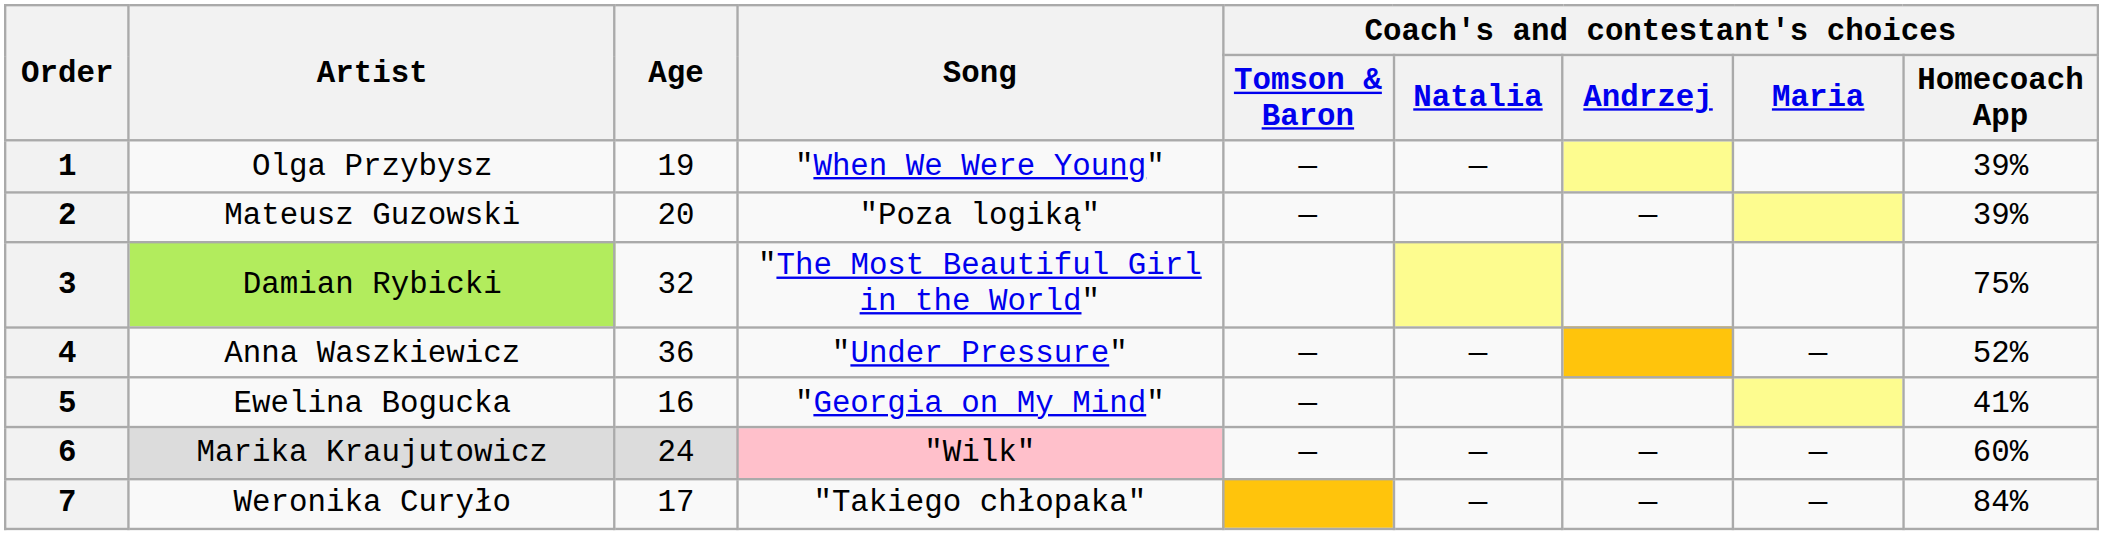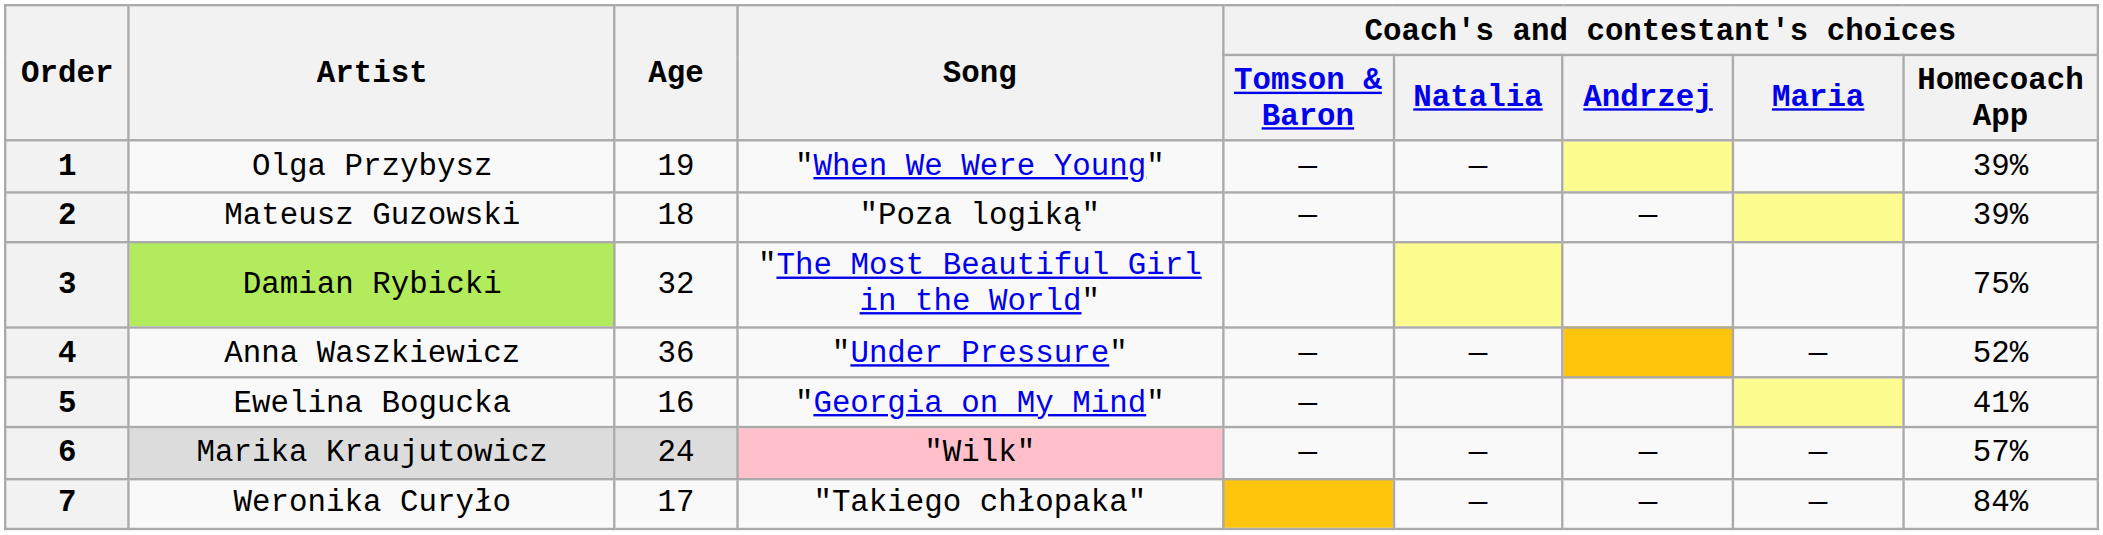 <table class="wikitable" style="text-align:center; width:100%;">
 <tr>
 <th scope="col" rowspan="2" style="width:05%;">Order</th>
 <th scope="col" rowspan="2" style="width:20%;">Artist</th>
 <th scope="col" rowspan="2" style="width:05%;">Age</th>
 <th scope="col" rowspan="2" style="width:20%;">Song</th>
 <th scope="col" colspan="5" style="width:32%;">Coach's and contestant's choices</th>
 </tr>
 <tr>
 <th style="width:07%;"><a href='#'>Tomson & Baron</a></th>
 <th style="width:07%;"><a href='#'>Natalia</a></th>
 <th style="width:07%;"><a href='#'>Andrzej</a></th>
 <th style="width:07%;"><a href='#'>Maria</a></th>
 <th style="width:04%;">Homecoach App</th>
 </tr>
 <tr>
 <th>1</th>
 <td>Olga Przybysz</td>
 <td>19</td>
 <td>"<a href='#'>When We Were Young</a>"</td>
 <td>—</td>
 <td>—</td>
 <td style="background:#fdfc8f;"><strong></strong></td>
 <td><strong></strong></td>
 <td>39%</td>
 </tr>
 <tr>
 <th>2</th>
 <td>Mateusz Guzowski</td>
-<td>20</td>
+<td>18</td>
 <td>"Poza logiką"</td>
 <td>—</td>
 <td><strong></strong></td>
 <td>—</td>
 <td style="background:#fdfc8f;"><strong></strong></td>
 <td>39%</td>
 </tr>
 <tr>
 <th>3</th>
 <td style="background-color:#B2EC5D;">Damian Rybicki</td>
 <td>32</td>
 <td>"<a href='#'>The Most Beautiful Girl in the World</a>"</td>
 <td><strong></strong></td>
 <td style="background:#fdfc8f;"><strong></strong></td>
 <td><strong></strong></td>
 <td><strong></strong></td>
 <td>75%</td>
 </tr>
 <tr>
 <th>4</th>
 <td>Anna Waszkiewicz</td>
 <td>36</td>
 <td>"<a href='#'>Under Pressure</a>"</td>
 <td>—</td>
 <td>—</td>
 <td style="background:#FFC40C;"><strong></strong></td>
 <td>—</td>
 <td>52%</td>
 </tr>
 <tr>
 <th>5</th>
 <td>Ewelina Bogucka</td>
 <td>16</td>
 <td>"<a href='#'>Georgia on My Mind</a>"</td>
 <td>—</td>
 <td><strong></strong></td>
 <td><strong></strong></td>
 <td style="background:#fdfc8f;"><strong></strong></td>
 <td>41%</td>
 </tr>
 <tr>
 <th>6</th>
 <td style="background:#DCDCDC;">Marika Kraujutowicz</td>
 <td style="background:#DCDCDC;">24</td>
 <td style="background: pink;">"Wilk"</td>
 <td>—</td>
 <td>—</td>
 <td>—</td>
 <td>—</td>
-<td>60%</td>
+<td>57%</td>
 </tr>
 <tr>
 <th>7</th>
 <td>Weronika Curyło</td>
 <td>17</td>
 <td>"Takiego chłopaka"</td>
 <td style="background:#FFC40C;"><strong></strong></td>
 <td>—</td>
 <td>—</td>
 <td>—</td>
 <td>84%</td>
 </tr>
 </table>
